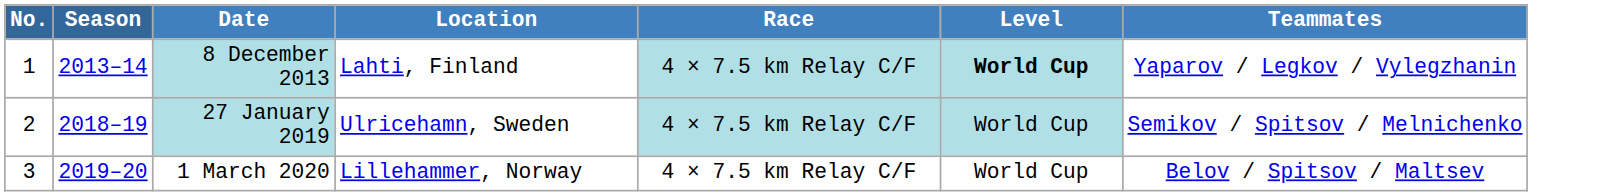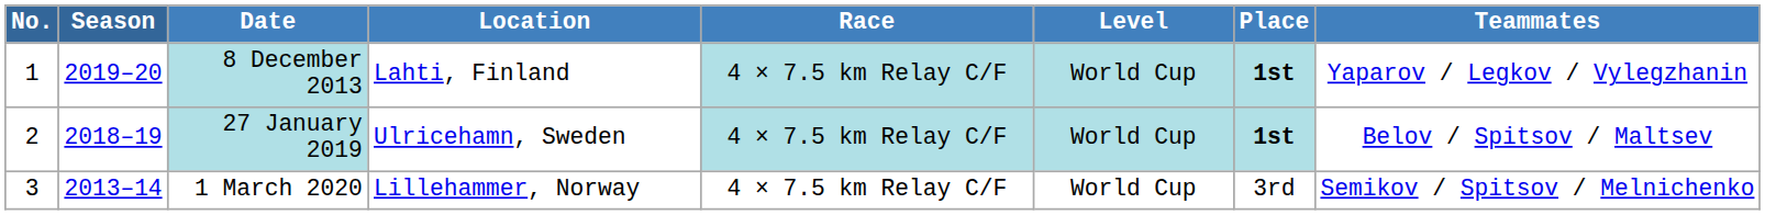 <table class="wikitable sortable" style="font-size:95%; text-align:center; border:grey solid 1px; border-collapse:collapse; background:#ffffff;">
 <tr style="background:#efefef;">
 <th style="background-color:#369; color:white;">No.</th>
 <th style="background-color:#369; color:white;">Season</th>
 <th style="background-color:#4180be; color:white; width:100px;">Date</th>
 <th style="background-color:#4180be; color:white; width:170px;">Location</th>
 <th style="background-color:#4180be; color:white; width:170px;">Race</th>
 <th style="background-color:#4180be; color:white; width:100px;">Level</th>
+<th style="background-color:#4180be; color:white;">Place</th>
 <th style="background-color:#4180be; color:white;">Teammates</th>
 </tr>
 <tr>
 <td align=center>1</td>
-<td rowspan=1 align=center><a href='#'>2013–14</a></td>
+<td rowspan=1 align=center><a href='#'>2019–20</a></td>
 <td bgcolor="#BOEOE6" align=right>8 December 2013</td>
 <td align=left> <a href='#'>Lahti</a>, Finland</td>
 <td bgcolor="#BOEOE6">4 × 7.5 km Relay C/F</td>
-<td bgcolor="#BOEOE6"><strong>World Cup</strong></td>
+<td bgcolor="#BOEOE6">World Cup</td>
+<td bgcolor="#BOEOE6"><strong>1st</strong></td>
 <td><a href='#'>Yaparov</a> / <a href='#'>Legkov</a> / <a href='#'>Vylegzhanin</a></td>
 </tr>
 <tr>
 <td align=center>2</td>
 <td rowspan=1 align=center><a href='#'>2018–19</a></td>
 <td bgcolor="#BOEOE6" align=right>27 January 2019</td>
 <td align=left> <a href='#'>Ulricehamn</a>, Sweden</td>
 <td bgcolor="#BOEOE6">4 × 7.5 km Relay C/F</td>
 <td bgcolor="#BOEOE6">World Cup</td>
-<td><a href='#'>Semikov</a> / <a href='#'>Spitsov</a> / <a href='#'>Melnichenko</a></td>
+<td bgcolor="#BOEOE6"><strong>1st</strong></td>
+<td><a href='#'>Belov</a> / <a href='#'>Spitsov</a> / <a href='#'>Maltsev</a></td>
 </tr>
 <tr>
 <td align=center>3</td>
-<td rowspan=1 align=center><a href='#'>2019–20</a></td>
+<td rowspan=1 align=center><a href='#'>2013–14</a></td>
 <td align=right>1 March 2020</td>
 <td align=left> <a href='#'>Lillehammer</a>, Norway</td>
 <td>4 × 7.5 km Relay C/F</td>
 <td>World Cup</td>
-<td><a href='#'>Belov</a> / <a href='#'>Spitsov</a> / <a href='#'>Maltsev</a></td>
+<td>3rd</td>
+<td><a href='#'>Semikov</a> / <a href='#'>Spitsov</a> / <a href='#'>Melnichenko</a></td>
 </tr>
 </table>
